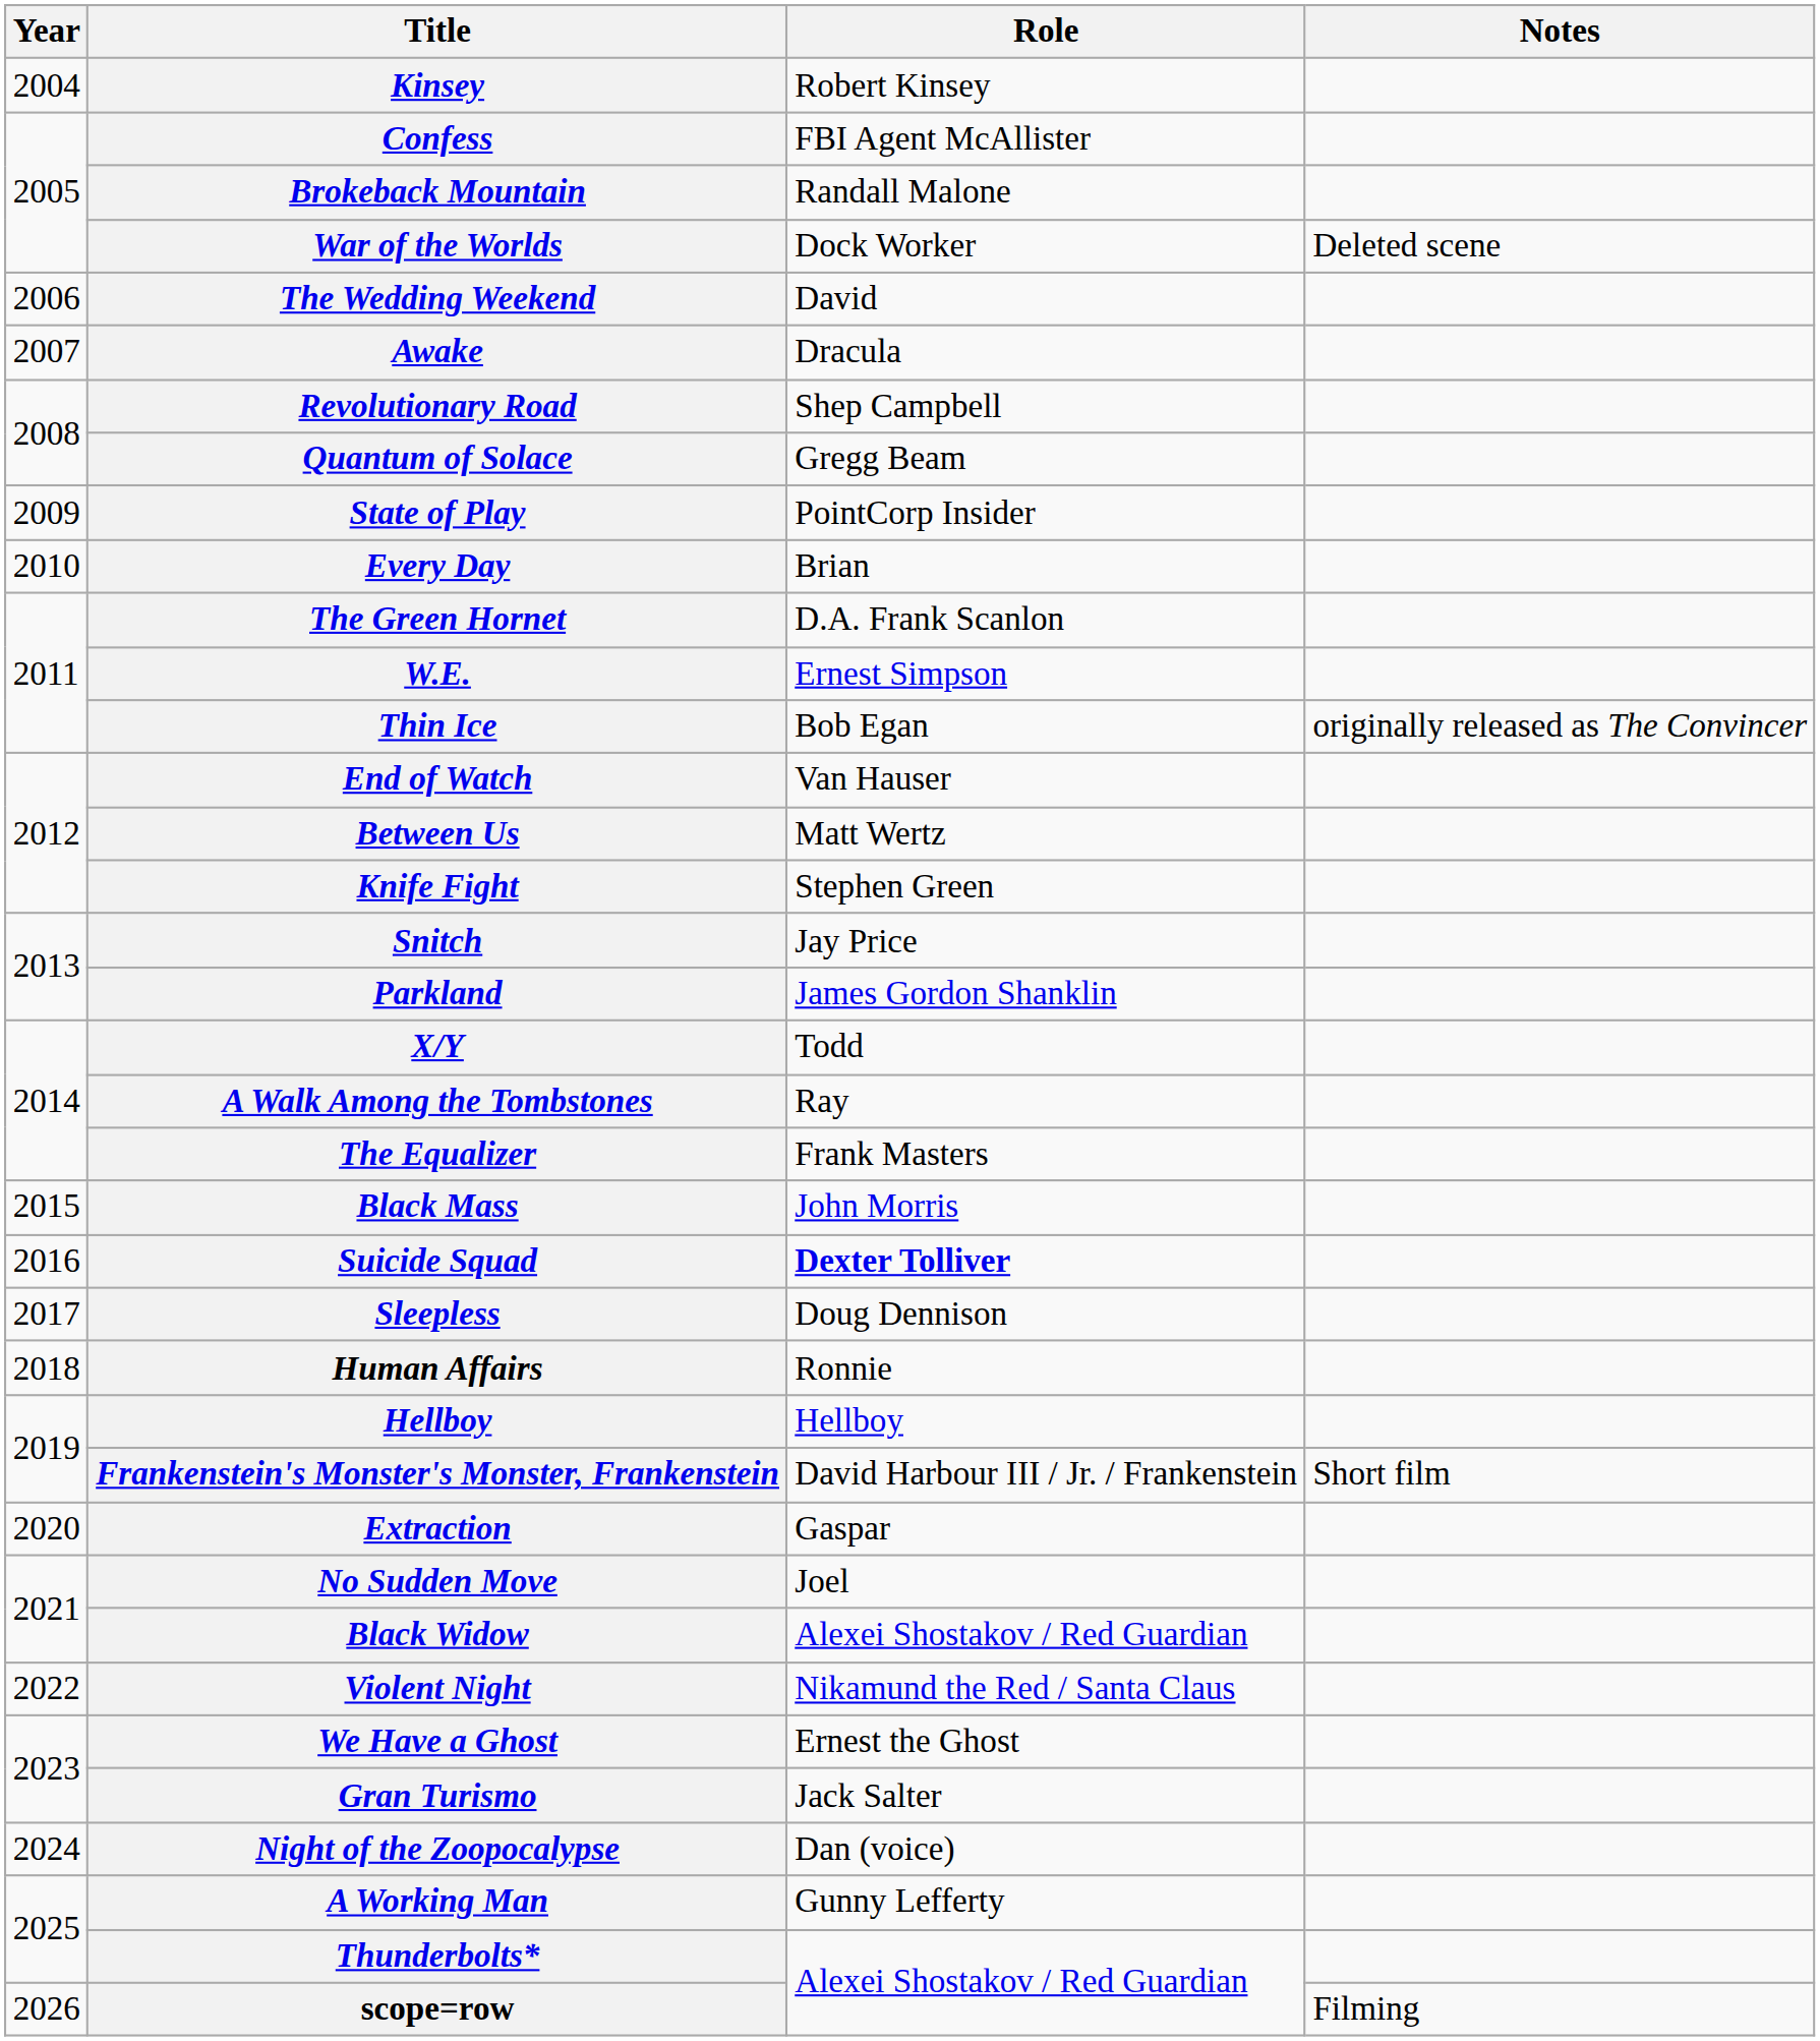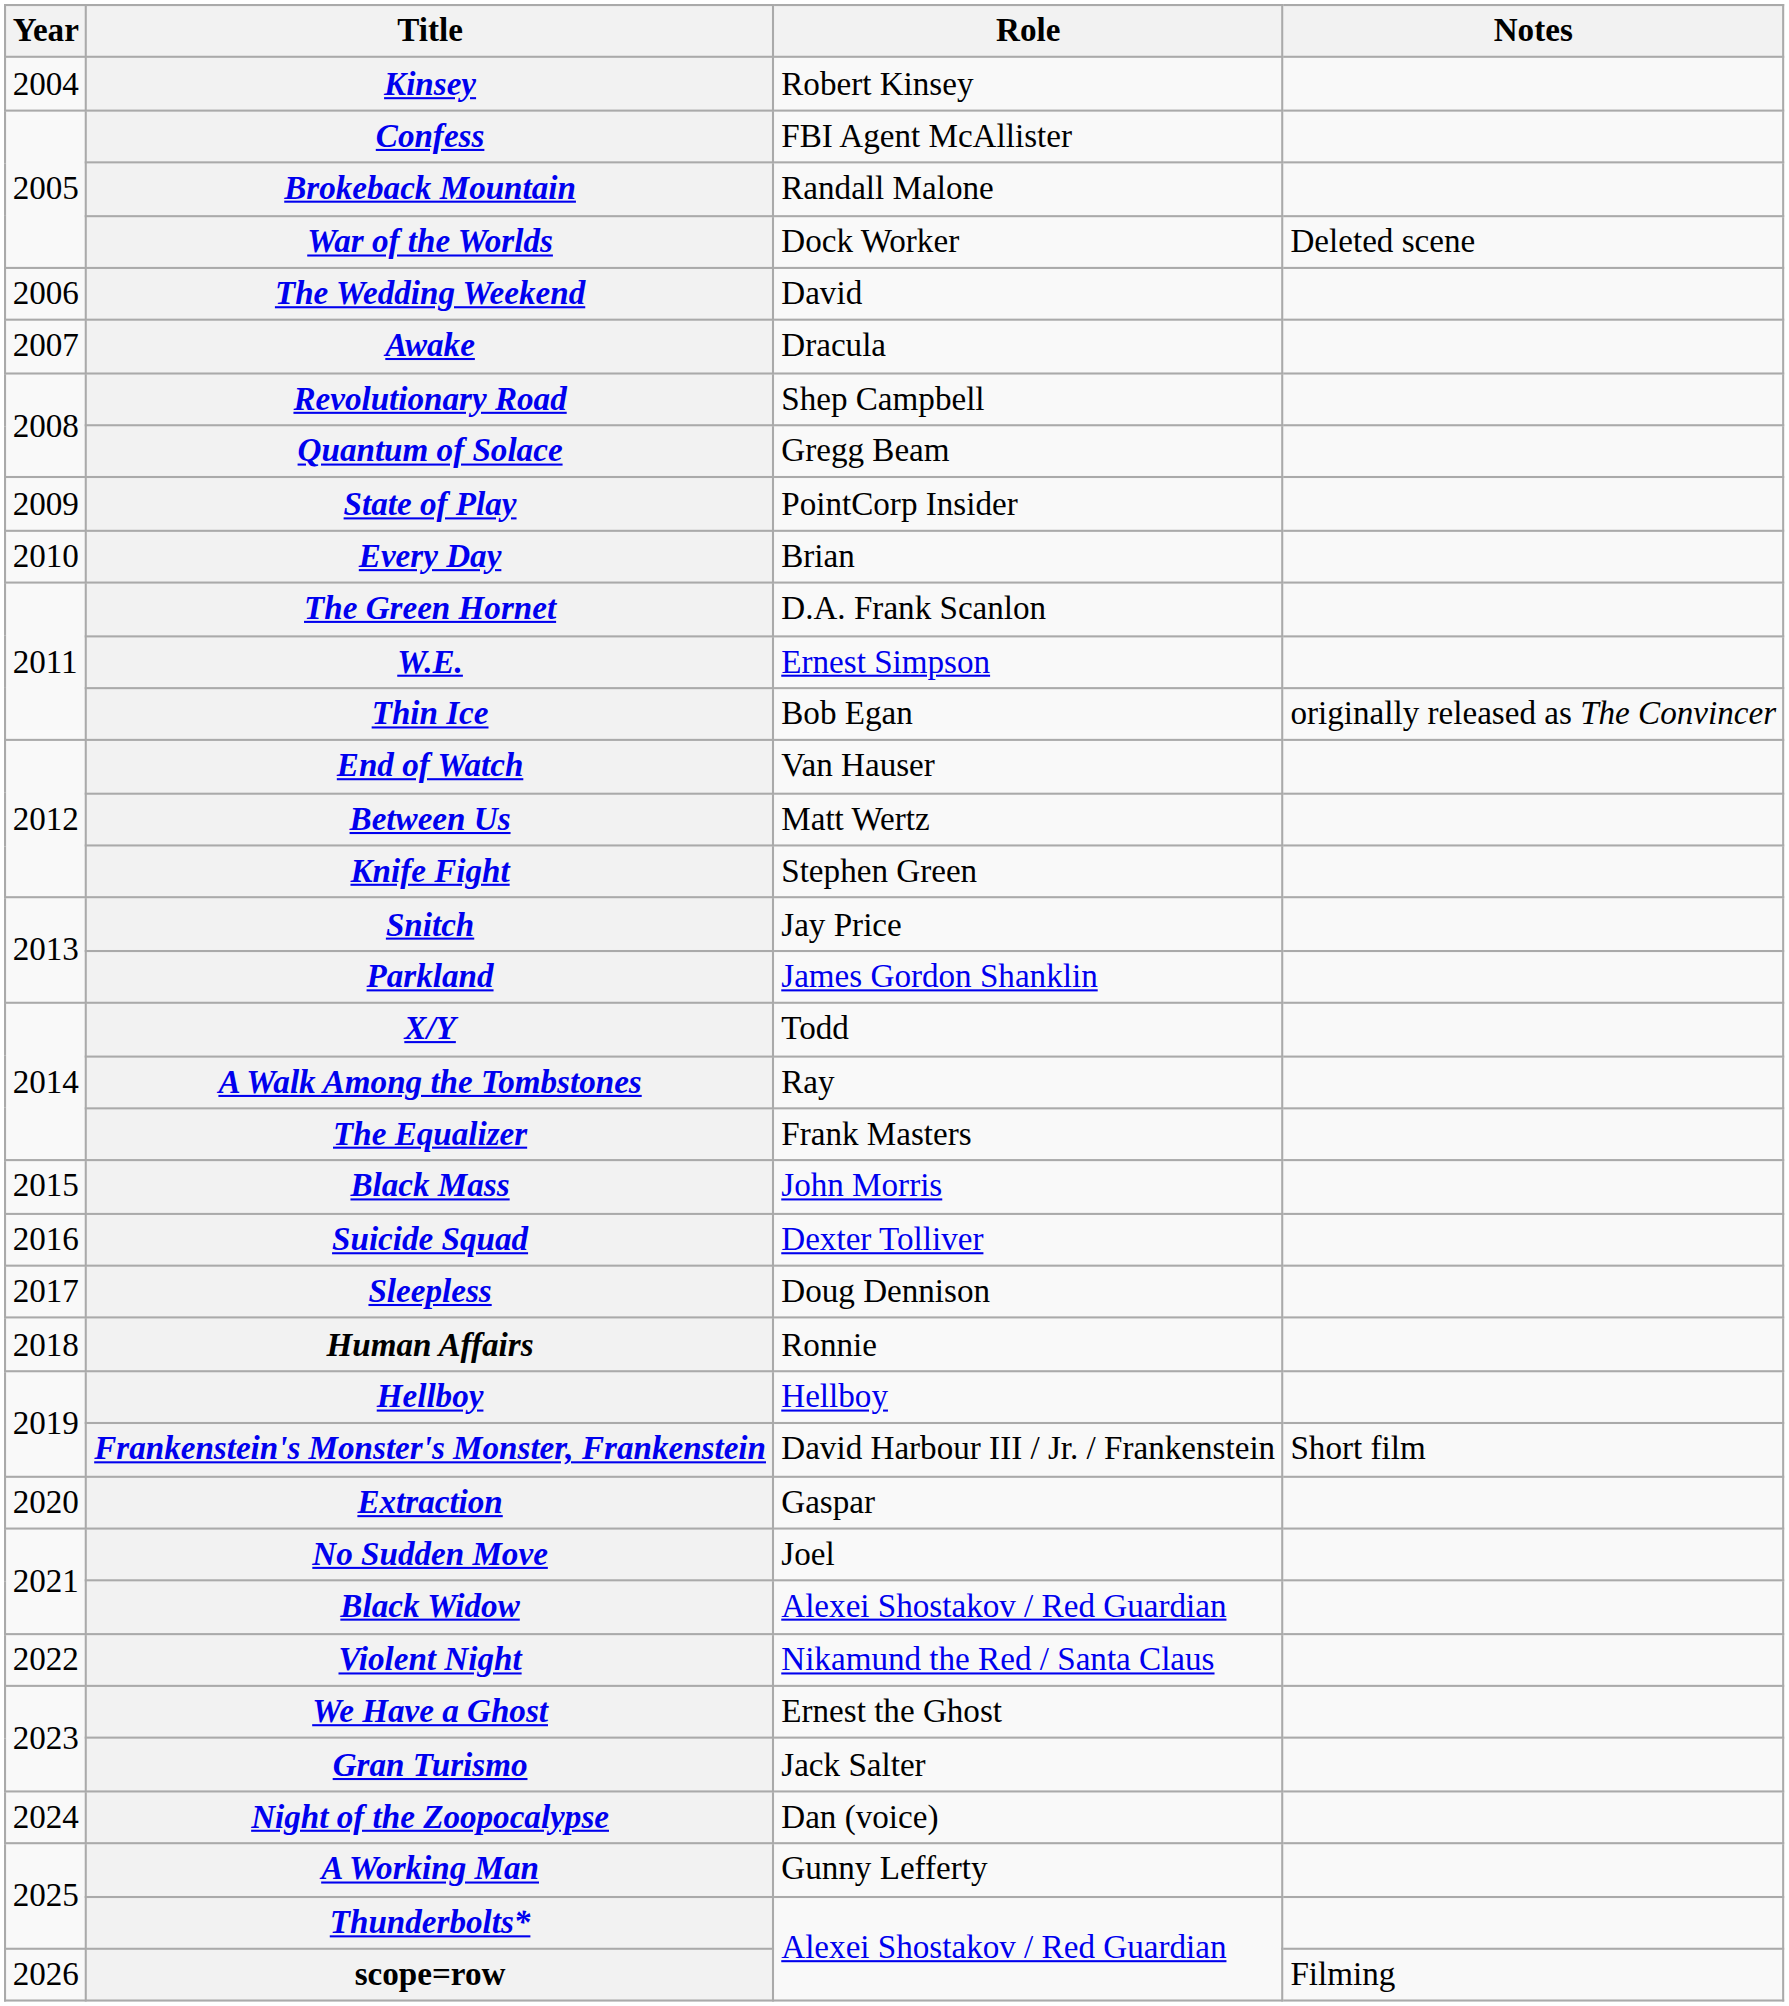 <table class="wikitable sortable plainrowheaders">
 <tr>
 <th scope="col">Year</th>
 <th scope="col">Title</th>
 <th scope="col">Role</th>
 <th scope="col" class="unsortable">Notes</th>
 </tr>
 <tr>
 <td>2004</td>
 <th scope="row"><em><a href='#'>Kinsey</a></em></th>
 <td>Robert Kinsey</td>
 <td></td>
 </tr>
 <tr>
 <td rowspan="3">2005</td>
 <th scope="row"><em><a href='#'>Confess</a></em></th>
 <td>FBI Agent McAllister</td>
 <td></td>
 </tr>
 <tr>
 <th scope="row"><em><a href='#'>Brokeback Mountain</a></em></th>
 <td>Randall Malone</td>
 <td></td>
 </tr>
 <tr>
 <th scope="row"><em><a href='#'>War of the Worlds</a></em></th>
 <td>Dock Worker</td>
 <td>Deleted scene</td>
 </tr>
 <tr>
 <td>2006</td>
 <th scope="row"><em><a href='#'>The Wedding Weekend</a></em></th>
 <td>David</td>
 <td></td>
 </tr>
 <tr>
 <td>2007</td>
 <th scope="row"><em><a href='#'>Awake</a></em></th>
 <td>Dracula</td>
 <td></td>
 </tr>
 <tr>
 <td rowspan="2">2008</td>
 <th scope="row"><em><a href='#'>Revolutionary Road</a></em></th>
 <td>Shep Campbell</td>
 <td></td>
 </tr>
 <tr>
 <th scope="row"><em><a href='#'>Quantum of Solace</a></em></th>
 <td>Gregg Beam</td>
 <td></td>
 </tr>
 <tr>
 <td>2009</td>
 <th scope="row"><em><a href='#'>State of Play</a></em></th>
 <td>PointCorp Insider</td>
 <td></td>
 </tr>
 <tr>
 <td>2010</td>
 <th scope="row"><em><a href='#'>Every Day</a></em></th>
 <td>Brian</td>
 <td></td>
 </tr>
 <tr>
 <td rowspan="3">2011</td>
 <th scope="row"><em><a href='#'>The Green Hornet</a></em></th>
 <td>D.A. Frank Scanlon</td>
 <td></td>
 </tr>
 <tr>
 <th scope="row"><em><a href='#'>W.E.</a></em></th>
 <td><a href='#'>Ernest Simpson</a></td>
 <td></td>
 </tr>
 <tr>
 <th scope="row"><em><a href='#'>Thin Ice</a></em></th>
 <td>Bob Egan</td>
 <td>originally released as <em>The Convincer</em></td>
 </tr>
 <tr>
 <td rowspan="3">2012</td>
 <th scope="row"><em><a href='#'>End of Watch</a></em></th>
 <td>Van Hauser</td>
 <td></td>
 </tr>
 <tr>
 <th scope="row"><em><a href='#'>Between Us</a></em></th>
 <td>Matt Wertz</td>
 <td></td>
 </tr>
 <tr>
 <th scope="row"><em><a href='#'>Knife Fight</a></em></th>
 <td>Stephen Green</td>
 <td></td>
 </tr>
 <tr>
 <td rowspan="2">2013</td>
 <th scope="row"><em><a href='#'>Snitch</a></em></th>
 <td>Jay Price</td>
 <td></td>
 </tr>
 <tr>
 <th scope="row"><em><a href='#'>Parkland</a></em></th>
 <td><a href='#'>James Gordon Shanklin</a></td>
 <td></td>
 </tr>
 <tr>
 <td rowspan="3">2014</td>
 <th scope="row"><em><a href='#'>X/Y</a></em></th>
 <td>Todd</td>
 <td></td>
 </tr>
 <tr>
 <th scope="row"><em><a href='#'>A Walk Among the Tombstones</a></em></th>
 <td>Ray</td>
 <td></td>
 </tr>
 <tr>
 <th scope="row"><em><a href='#'>The Equalizer</a></em></th>
 <td>Frank Masters</td>
 <td></td>
 </tr>
 <tr>
 <td>2015</td>
 <th scope="row"><em><a href='#'>Black Mass</a></em></th>
 <td><a href='#'>John Morris</a></td>
 <td></td>
 </tr>
 <tr>
 <td>2016</td>
 <th scope="row"><em><a href='#'>Suicide Squad</a></em></th>
-<td><strong><a href='#'>Dexter Tolliver</a></strong></td>
+<td><a href='#'>Dexter Tolliver</a></td>
 <td></td>
 </tr>
 <tr>
 <td>2017</td>
 <th scope="row"><em><a href='#'>Sleepless</a></em></th>
 <td>Doug Dennison</td>
 <td></td>
 </tr>
 <tr>
 <td>2018</td>
 <th scope="row"><em>Human Affairs</em></th>
 <td>Ronnie</td>
 <td></td>
 </tr>
 <tr>
 <td rowspan=2>2019</td>
 <th scope="row"><em><a href='#'>Hellboy</a></em></th>
 <td><a href='#'>Hellboy</a></td>
 <td></td>
 </tr>
 <tr>
 <th scope="row"><em><a href='#'>Frankenstein's Monster's Monster, Frankenstein</a></em></th>
 <td>David Harbour III / Jr. / Frankenstein</td>
 <td>Short film</td>
 </tr>
 <tr>
 <td>2020</td>
 <th scope="row"><em><a href='#'>Extraction</a></em></th>
 <td>Gaspar</td>
 <td></td>
 </tr>
 <tr>
 <td rowspan=2>2021</td>
 <th scope="row"><em><a href='#'>No Sudden Move</a></em></th>
 <td>Joel</td>
 <td></td>
 </tr>
 <tr>
 <th scope="row"><em><a href='#'>Black Widow</a></em></th>
 <td><a href='#'>Alexei Shostakov / Red Guardian</a></td>
 <td></td>
 </tr>
 <tr>
 <td>2022</td>
 <th scope="row"><em><a href='#'>Violent Night</a></em></th>
 <td><a href='#'>Nikamund the Red / Santa Claus</a></td>
 <td></td>
 </tr>
 <tr>
 <td rowspan=2>2023</td>
 <th scope="row"><em><a href='#'>We Have a Ghost</a></em></th>
 <td>Ernest the Ghost</td>
 <td></td>
 </tr>
 <tr>
 <th scope="row"><em><a href='#'>Gran Turismo</a></em></th>
 <td>Jack Salter</td>
 <td></td>
 </tr>
 <tr>
 <td>2024</td>
 <th scope="row"><em><a href='#'>Night of the Zoopocalypse</a></em></th>
 <td>Dan (voice)</td>
 <td></td>
 </tr>
 <tr>
 <td rowspan="2">2025</td>
 <th scope="row"><em><a href='#'>A Working Man</a></em></th>
 <td>Gunny Lefferty</td>
 <td></td>
 </tr>
 <tr>
 <th scope="row"><em><a href='#'>Thunderbolts*</a></em></th>
 <td rowspan=2><a href='#'>Alexei Shostakov / Red Guardian</a></td>
 <td></td>
 </tr>
 <tr>
 <td>2026</td>
 <th>scope=row </th>
 <td>Filming</td>
 </tr>
 </table>
